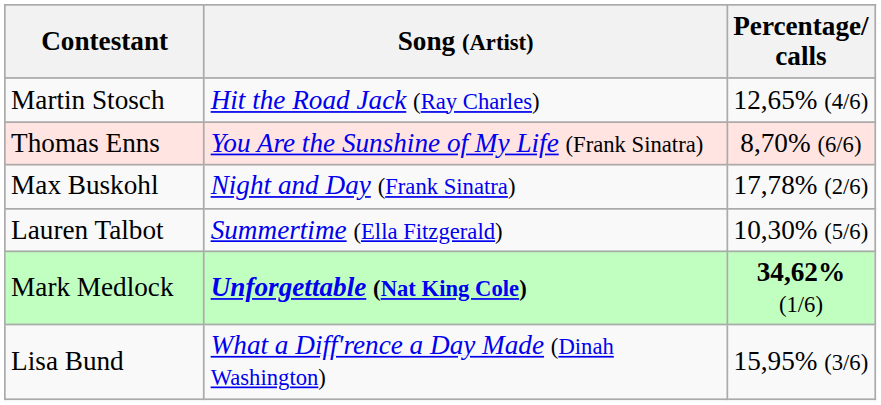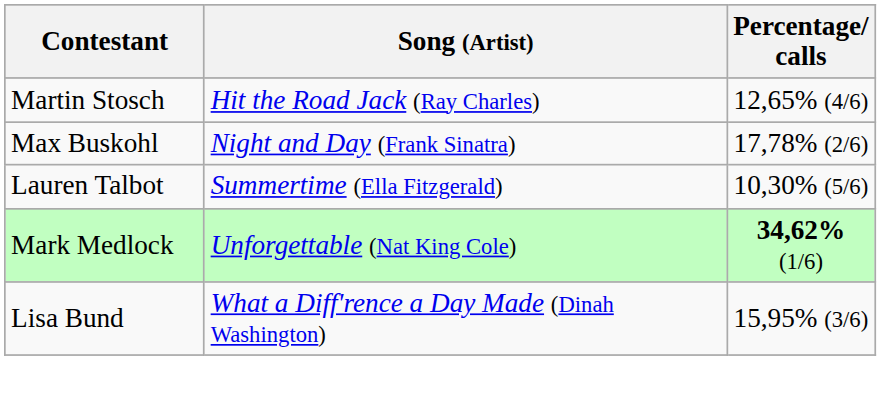 <table class="wikitable">
 <tr>
 <th width="110">Contestant</th>
 <th width="300">Song <small>(Artist)</small></th>
 <th width="28">Percentage/<br>calls</th>
 </tr>
 <tr>
 <td align="left">Martin Stosch</td>
 <td align="left"><em><a href='#'>Hit the Road Jack</a></em> <small>(<a href='#'>Ray Charles</a>)</small></td>
 <td align="center">12,65% <small>(4/6)</small></td>
-</tr>
-<tr bgcolor="#FFE4E1">
-<td align="left">Thomas Enns</td>
-<td align="left"><em><a href='#'>You Are the Sunshine of My Life</a></em> <small>(Frank Sinatra)</small></td>
-<td align="center">8,70% <small>(6/6)</small></td>
 </tr>
 <tr>
 <td align="left">Max Buskohl</td>
 <td align="left"><em><a href='#'>Night and Day</a></em> <small>(<a href='#'>Frank Sinatra</a>)</small></td>
 <td align="center">17,78% <small>(2/6)</small></td>
 </tr>
 <tr>
 <td align="left">Lauren Talbot</td>
 <td align="left"><em><a href='#'>Summertime</a></em> <small>(<a href='#'>Ella Fitzgerald</a>)</small></td>
 <td align="center">10,30% <small>(5/6)</small></td>
 </tr>
 <tr bgcolor="#C1FFC1">
 <td align="left">Mark Medlock</td>
-<td align="left"><strong><em><a href='#'>Unforgettable</a></em> <small>(<a href='#'>Nat King Cole</a>)</small></strong></td>
+<td align="left"><em><a href='#'>Unforgettable</a></em> <small>(<a href='#'>Nat King Cole</a>)</small></td>
 <td align="center"><strong>34,62%</strong> <small>(1/6)</small></td>
 </tr>
 <tr>
 <td align="left">Lisa Bund</td>
 <td align="left"><em><a href='#'>What a Diff'rence a Day Made</a></em> <small>(<a href='#'>Dinah Washington</a>)</small></td>
 <td align="center">15,95% <small>(3/6)</small></td>
 </tr>
 </table>
